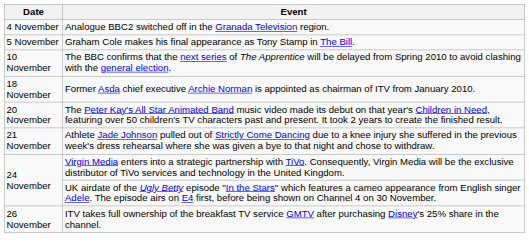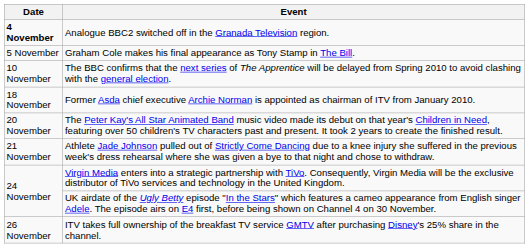 <table class="wikitable">
 <tr>
 <th width=90>Date</th>
 <th>Event</th>
 </tr>
 <tr>
-<td>4 November</td>
+<td><strong>4 November</strong></td>
 <td>Analogue BBC2 switched off in the <a href='#'>Granada Television</a> region.</td>
 </tr>
 <tr>
 <td>5 November</td>
 <td>Graham Cole makes his final appearance as Tony Stamp in <a href='#'>The Bill</a>.</td>
 </tr>
 <tr>
 <td>10 November</td>
 <td>The BBC confirms that the <a href='#'>next series</a> of <em>The Apprentice</em> will be delayed from Spring 2010 to avoid clashing with the <a href='#'>general election</a>.</td>
 </tr>
 <tr>
 <td>18 November</td>
 <td>Former <a href='#'>Asda</a> chief executive <a href='#'>Archie Norman</a> is appointed as chairman of ITV from January 2010.</td>
 </tr>
 <tr>
 <td>20 November</td>
 <td>The <a href='#'>Peter Kay's All Star Animated Band</a> music video made its debut on that year's <a href='#'>Children in Need</a>, featuring over 50 children's TV characters past and present. It took 2 years to create the finished result.</td>
 </tr>
 <tr>
 <td>21 November</td>
 <td>Athlete <a href='#'>Jade Johnson</a> pulled out of <a href='#'>Strictly Come Dancing</a> due to a knee injury she suffered in the previous week's dress rehearsal where she was given a bye to that night and chose to withdraw.</td>
 </tr>
 <tr>
 <td rowspan=2>24 November</td>
 <td><a href='#'>Virgin Media</a> enters into a strategic partnership with <a href='#'>TiVo</a>. Consequently, Virgin Media will be the exclusive distributor of TiVo services and technology in the United Kingdom.</td>
 </tr>
 <tr>
 <td>UK airdate of the <em><a href='#'>Ugly Betty</a></em> episode "<a href='#'>In the Stars</a>" which features a cameo appearance from English singer <a href='#'>Adele</a>. The episode airs on <a href='#'>E4</a> first, before being shown on Channel 4 on 30 November.</td>
 </tr>
 <tr>
 <td>26 November</td>
 <td>ITV takes full ownership of the breakfast TV service <a href='#'>GMTV</a> after purchasing <a href='#'>Disney</a>'s 25% share in the channel.</td>
 </tr>
 </table>
